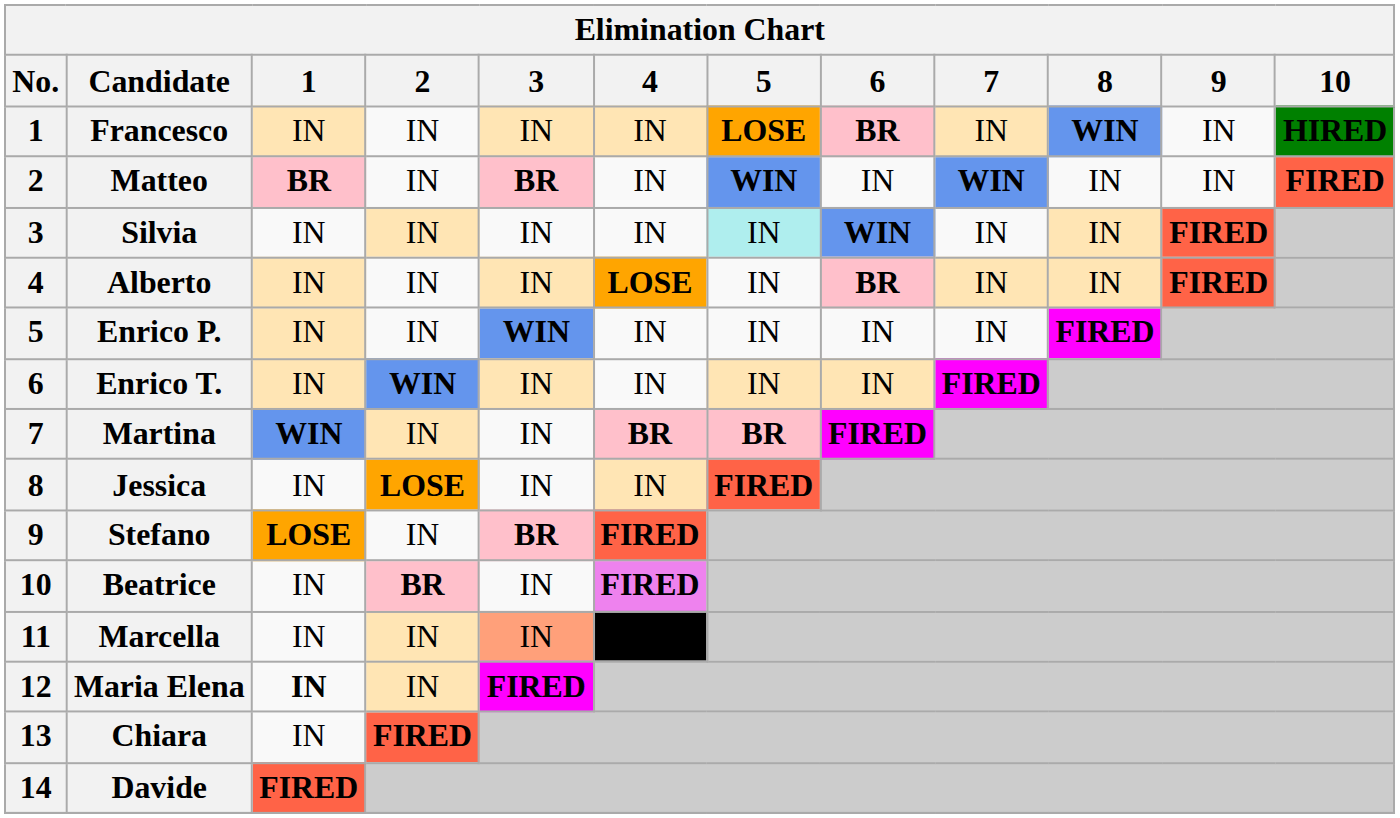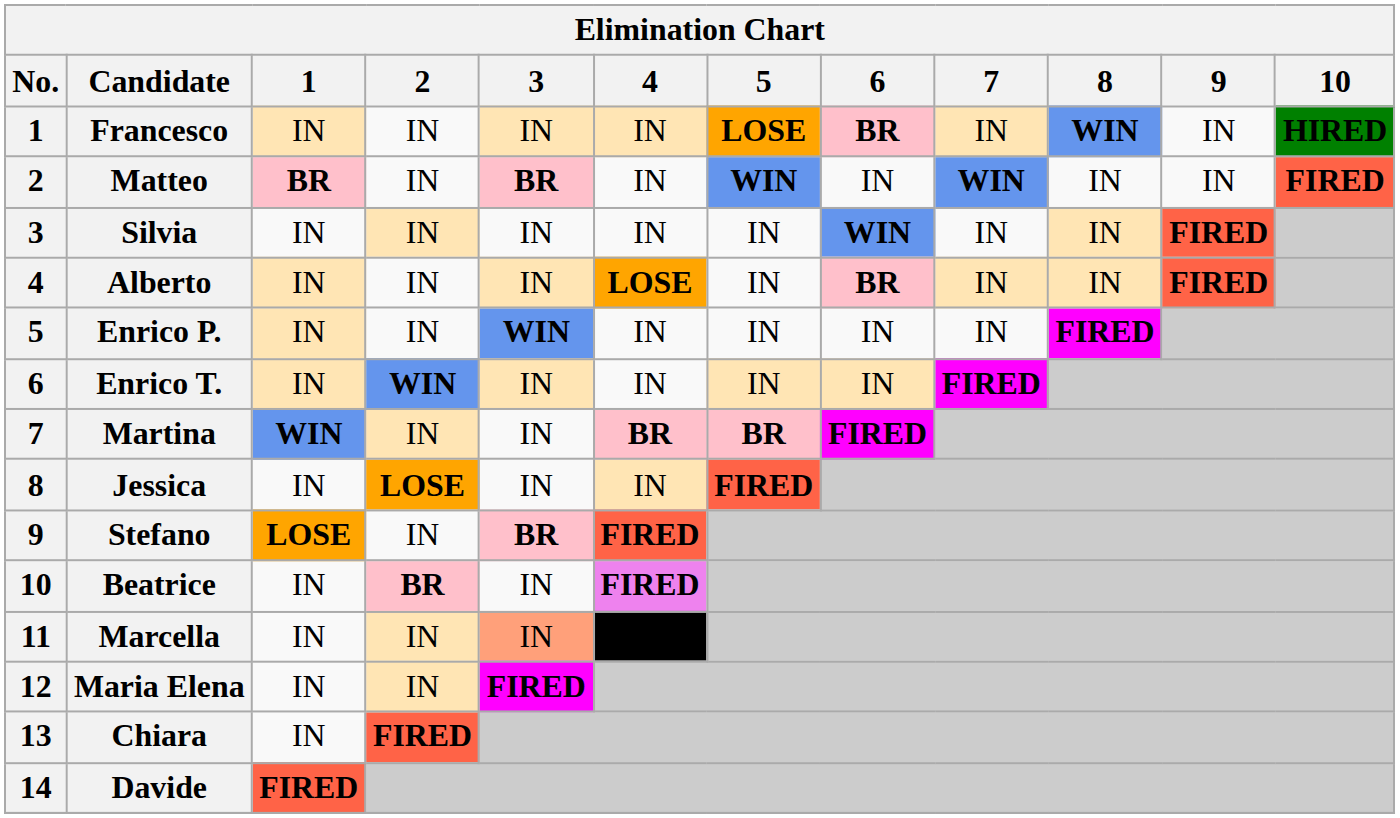 <table class="wikitable" style="text-align:center">
 <tr>
 <th colspan="14">Elimination Chart</th>
 </tr>
 <tr>
 <th>No.</th>
 <th>Candidate</th>
 <th>1</th>
 <th>2</th>
 <th>3</th>
 <th>4</th>
 <th>5</th>
 <th>6</th>
 <th>7</th>
 <th>8</th>
 <th>9</th>
 <th>10</th>
 </tr>
 <tr>
 <th>1</th>
 <th>Francesco</th>
 <td bgcolor="#FFE5B4">IN</td>
 <td>IN</td>
 <td bgcolor="#FFE5B4">IN</td>
 <td bgcolor="#FFE5B4">IN</td>
 <td style="background:orange;"><strong>LOSE</strong></td>
 <td style="background:pink;"><strong>BR</strong></td>
 <td bgcolor="#FFE5B4">IN</td>
 <td style="background:cornflowerblue;"><strong>WIN</strong></td>
 <td>IN</td>
 <td style="background:green;"><span><strong>HIRED</strong></span></td>
 </tr>
 <tr>
 <th>2</th>
 <th>Matteo</th>
 <td style="background:pink;"><strong>BR</strong></td>
 <td>IN</td>
 <td style="background:pink;"><strong>BR</strong></td>
 <td>IN</td>
 <td style="background:cornflowerblue;"><strong>WIN</strong></td>
 <td>IN</td>
 <td style="background:cornflowerblue;"><strong>WIN</strong></td>
 <td>IN</td>
 <td>IN</td>
 <td style="background:tomato;"><strong>FIRED</strong></td>
 </tr>
 <tr>
 <th>3</th>
 <th>Silvia</th>
 <td>IN</td>
 <td bgcolor="#FFE5B4">IN</td>
 <td>IN</td>
 <td>IN</td>
-<td style="background: paleturquoise;">IN</td>
+<td>IN</td>
 <td style="background:cornflowerblue;"><strong>WIN</strong></td>
 <td>IN</td>
 <td bgcolor="#FFE5B4">IN</td>
 <td style="background:tomato;"><strong>FIRED</strong></td>
 <td colspan="1" bgcolor="#CCCCCC"></td>
 </tr>
 <tr>
 <th>4</th>
 <th>Alberto</th>
 <td bgcolor="#FFE5B4">IN</td>
 <td>IN</td>
 <td bgcolor="#FFE5B4">IN</td>
 <td style="background:orange;"><strong>LOSE</strong></td>
 <td>IN</td>
 <td style="background:pink;"><strong>BR</strong></td>
 <td bgcolor="#FFE5B4">IN</td>
 <td bgcolor="#FFE5B4">IN</td>
 <td style="background:tomato;"><strong>FIRED</strong></td>
 <td colspan="1" bgcolor="#CCCCCC"></td>
 </tr>
 <tr>
 <th>5</th>
 <th>Enrico P.</th>
 <td bgcolor="#FFE5B4">IN</td>
 <td>IN</td>
 <td style="background:cornflowerblue;"><strong>WIN</strong></td>
 <td>IN</td>
 <td>IN</td>
 <td>IN</td>
 <td>IN</td>
 <td style="background:magenta;"><strong>FIRED</strong></td>
 <td colspan="2" bgcolor="#CCCCCC"></td>
 </tr>
 <tr>
 <th>6</th>
 <th>Enrico T.</th>
 <td bgcolor="#FFE5B4">IN</td>
 <td style="background:cornflowerblue;"><strong>WIN</strong></td>
 <td bgcolor="#FFE5B4">IN</td>
 <td>IN</td>
 <td bgcolor="#FFE5B4">IN</td>
 <td bgcolor="#FFE5B4">IN</td>
 <td style="background:magenta;"><strong>FIRED</strong></td>
 <td colspan="3" bgcolor="#CCCCCC"></td>
 </tr>
 <tr>
 <th>7</th>
 <th>Martina</th>
 <td style="background:cornflowerblue;"><strong>WIN</strong></td>
 <td bgcolor="#FFE5B4">IN</td>
 <td>IN</td>
 <td style="background:pink;"><strong>BR</strong></td>
 <td style="background:pink;"><strong>BR</strong></td>
 <td style="background:magenta;"><strong>FIRED</strong></td>
 <td colspan="4" bgcolor="CCCCCC"></td>
 </tr>
 <tr>
 <th>8</th>
 <th>Jessica</th>
 <td>IN</td>
 <td style="background:orange;"><strong>LOSE</strong></td>
 <td>IN</td>
 <td bgcolor="#FFE5B4">IN</td>
 <td style="background:tomato;"><strong>FIRED</strong></td>
 <td colspan="5" bgcolor="#CCCCCC"></td>
 </tr>
 <tr>
 <th>9</th>
 <th>Stefano</th>
 <td style="background:orange;"><strong>LOSE</strong></td>
 <td>IN</td>
 <td style="background:pink;"><strong>BR</strong></td>
 <td style="background:tomato;"><strong>FIRED</strong></td>
 <td colspan="6" bgcolor="CCCCCC"></td>
 </tr>
 <tr>
 <th>10</th>
 <th>Beatrice</th>
 <td>IN</td>
 <td style="background:pink;"><strong>BR</strong></td>
 <td>IN</td>
 <td style="background:violet;"><strong>FIRED</strong></td>
 <td colspan="6" bgcolor="CCCCCC"></td>
 </tr>
 <tr>
 <th>11</th>
 <th>Marcella</th>
 <td>IN</td>
 <td bgcolor="#FFE5B4">IN</td>
 <td style="background: lightsalmon;">IN</td>
 <td style="background:black;"><span><strong>QUIT</strong></span></td>
 <td colspan="6" bgcolor="CCCCCC"></td>
 </tr>
 <tr>
 <th>12</th>
 <th>Maria Elena</th>
-<td><strong>IN</strong></td>
+<td>IN</td>
 <td bgcolor="#FFE5B4">IN</td>
 <td style="background:magenta;"><strong>FIRED</strong></td>
 <td colspan="7" bgcolor="CCCCCC"></td>
 </tr>
 <tr>
 <th>13</th>
 <th>Chiara</th>
 <td>IN</td>
 <td style="background:tomato;"><strong>FIRED</strong></td>
 <td colspan="8" bgcolor="CCCCCC"></td>
 </tr>
 <tr>
 <th>14</th>
 <th>Davide</th>
 <td style="background:tomato;"><strong>FIRED</strong></td>
 <td colspan="9" bgcolor="CCCCCC"></td>
 </tr>
 <tr>
 </tr>
 </table>
